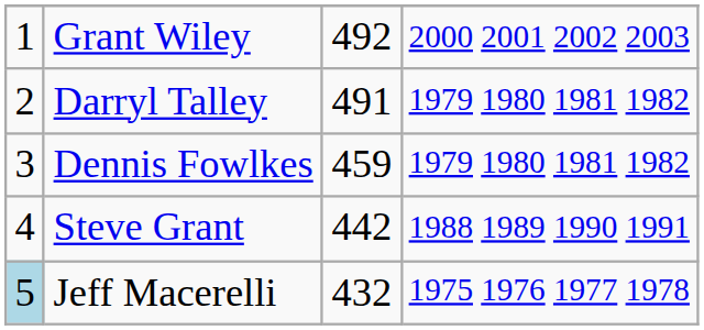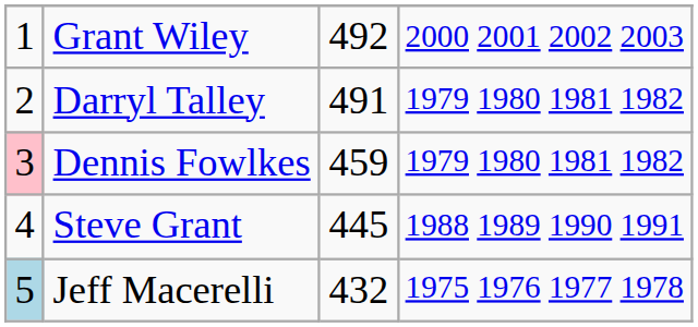 <table class="wikitable">
 <tr>
 </tr>
 <tr>
 <td>1</td>
 <td><a href='#'>Grant Wiley</a></td>
 <td>492</td>
 <td style="font-size:80%;"><a href='#'>2000</a> <a href='#'>2001</a> <a href='#'>2002</a> <a href='#'>2003</a></td>
 </tr>
 <tr>
 <td>2</td>
 <td><a href='#'>Darryl Talley</a></td>
 <td>491</td>
 <td style="font-size:80%;"><a href='#'>1979</a> <a href='#'>1980</a> <a href='#'>1981</a> <a href='#'>1982</a></td>
 </tr>
 <tr>
-<td>3</td>
+<td style="background: pink;">3</td>
 <td><a href='#'>Dennis Fowlkes</a></td>
 <td>459</td>
 <td style="font-size:80%;"><a href='#'>1979</a> <a href='#'>1980</a> <a href='#'>1981</a> <a href='#'>1982</a></td>
 </tr>
 <tr>
 <td>4</td>
 <td><a href='#'>Steve Grant</a></td>
-<td>442</td>
+<td>445</td>
 <td style="font-size:80%;"><a href='#'>1988</a> <a href='#'>1989</a> <a href='#'>1990</a> <a href='#'>1991</a></td>
 </tr>
 <tr>
 <td style="background: lightblue;">5</td>
 <td>Jeff Macerelli</td>
 <td>432</td>
 <td style="font-size:80%;"><a href='#'>1975</a> <a href='#'>1976</a> <a href='#'>1977</a> <a href='#'>1978</a></td>
 </tr>
 </table>
